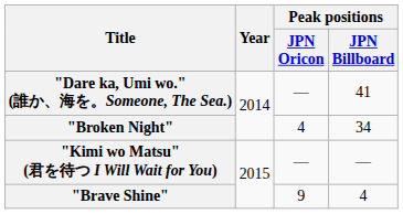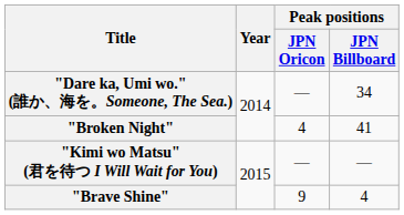 <table class="wikitable plainrowheaders" style="text-align:center;">
 <tr>
 <th scope="col" rowspan="2">Title</th>
 <th scope="col" rowspan="2">Year</th>
 <th scope="col" colspan="2">Peak positions</th>
 </tr>
 <tr>
 <th scope="col" style="width:50px"><a href='#'>JPN<br>Oricon</a><br></th>
 <th scope="col" style="width:50px"><a href='#'>JPN<br>Billboard</a></th>
 </tr>
 <tr>
 <th scope="row">"Dare ka, Umi wo."<br>(誰か、海を。<em>Someone, The Sea.</em>)</th>
 <td rowspan="2">2014</td>
 <td>—</td>
-<td>41</td>
+<td>34</td>
 </tr>
 <tr>
 <th scope="row">"Broken Night"</th>
 <td>4</td>
-<td>34</td>
+<td>41</td>
 </tr>
 <tr>
 <th scope="row">"Kimi wo Matsu"<br>(君を待つ <em>I Will Wait for You</em>)</th>
 <td rowspan="2">2015</td>
 <td>—</td>
 <td>—</td>
 </tr>
 <tr>
 <th scope="row">"Brave Shine"</th>
 <td>9</td>
 <td>4</td>
 </tr>
 </table>
